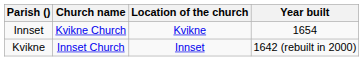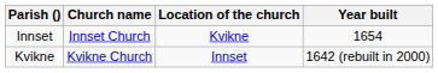 <table class="wikitable" style="text-align:center">
 <tr>
 <th>Parish ()</th>
 <th>Church name</th>
 <th>Location of the church</th>
 <th>Year built</th>
 </tr>
 <tr>
 <td rowspan="1">Innset</td>
-<td><a href='#'>Kvikne Church</a></td>
+<td><a href='#'>Innset Church</a></td>
 <td><a href='#'>Kvikne</a></td>
 <td>1654</td>
 </tr>
 <tr>
 <td rowspan="1">Kvikne</td>
-<td><a href='#'>Innset Church</a></td>
+<td><a href='#'>Kvikne Church</a></td>
 <td><a href='#'>Innset</a></td>
 <td>1642 (rebuilt in 2000)</td>
 </tr>
 </table>
